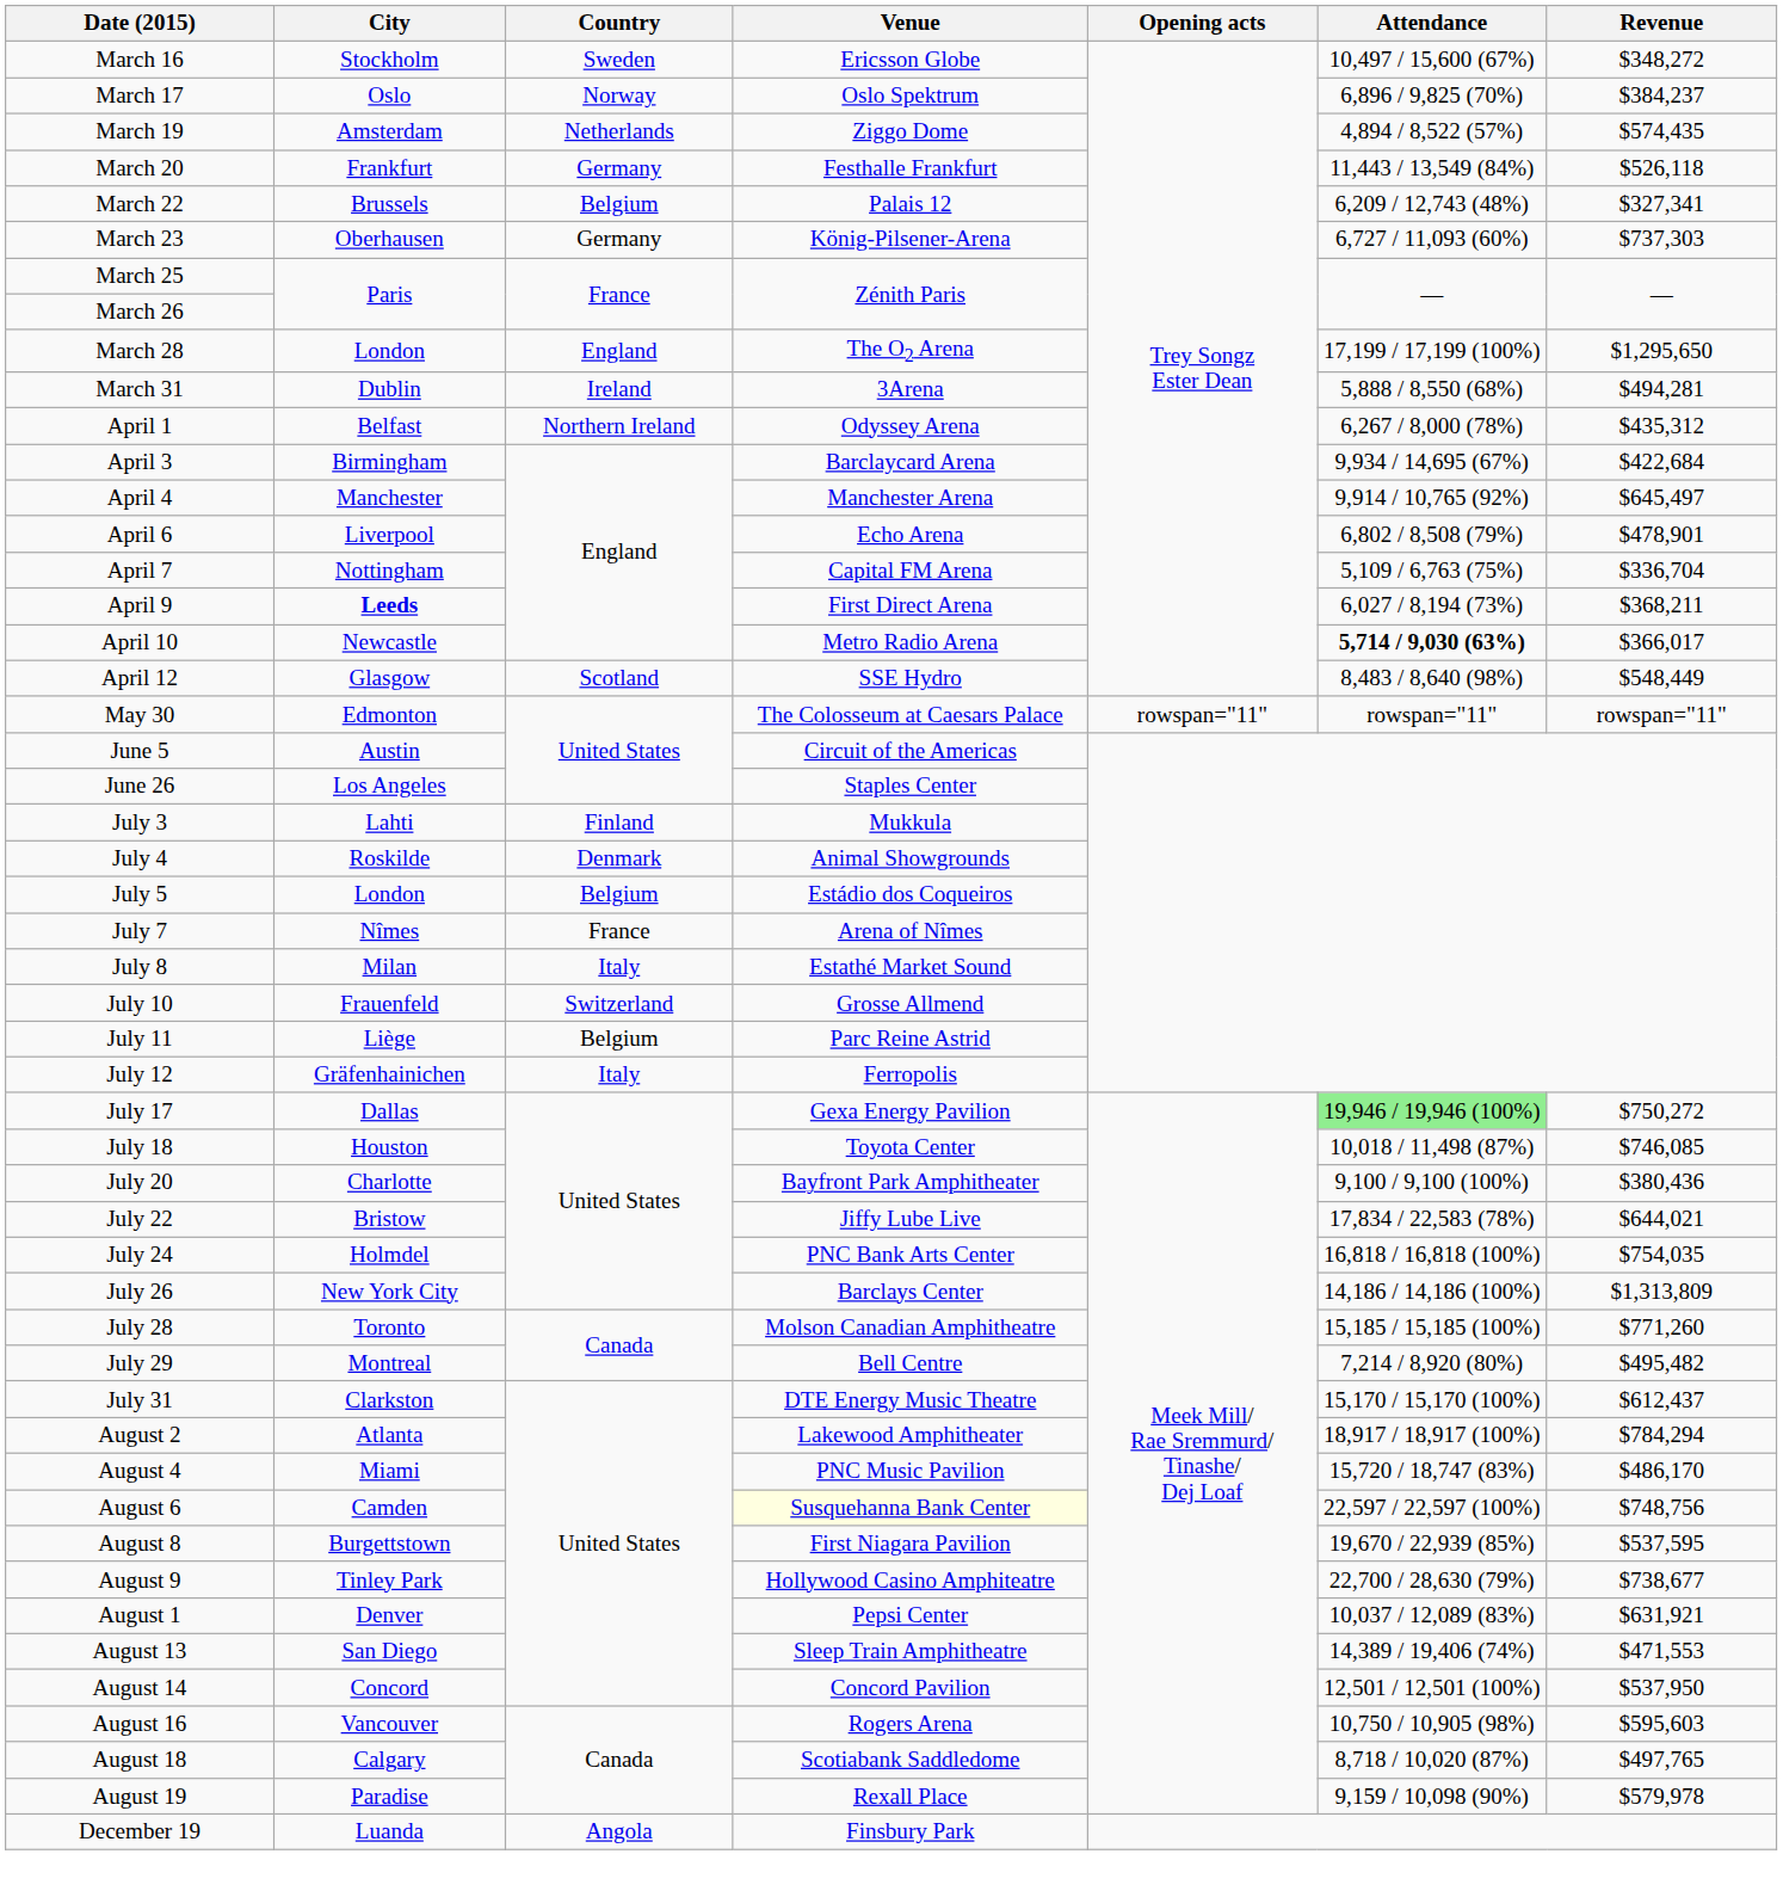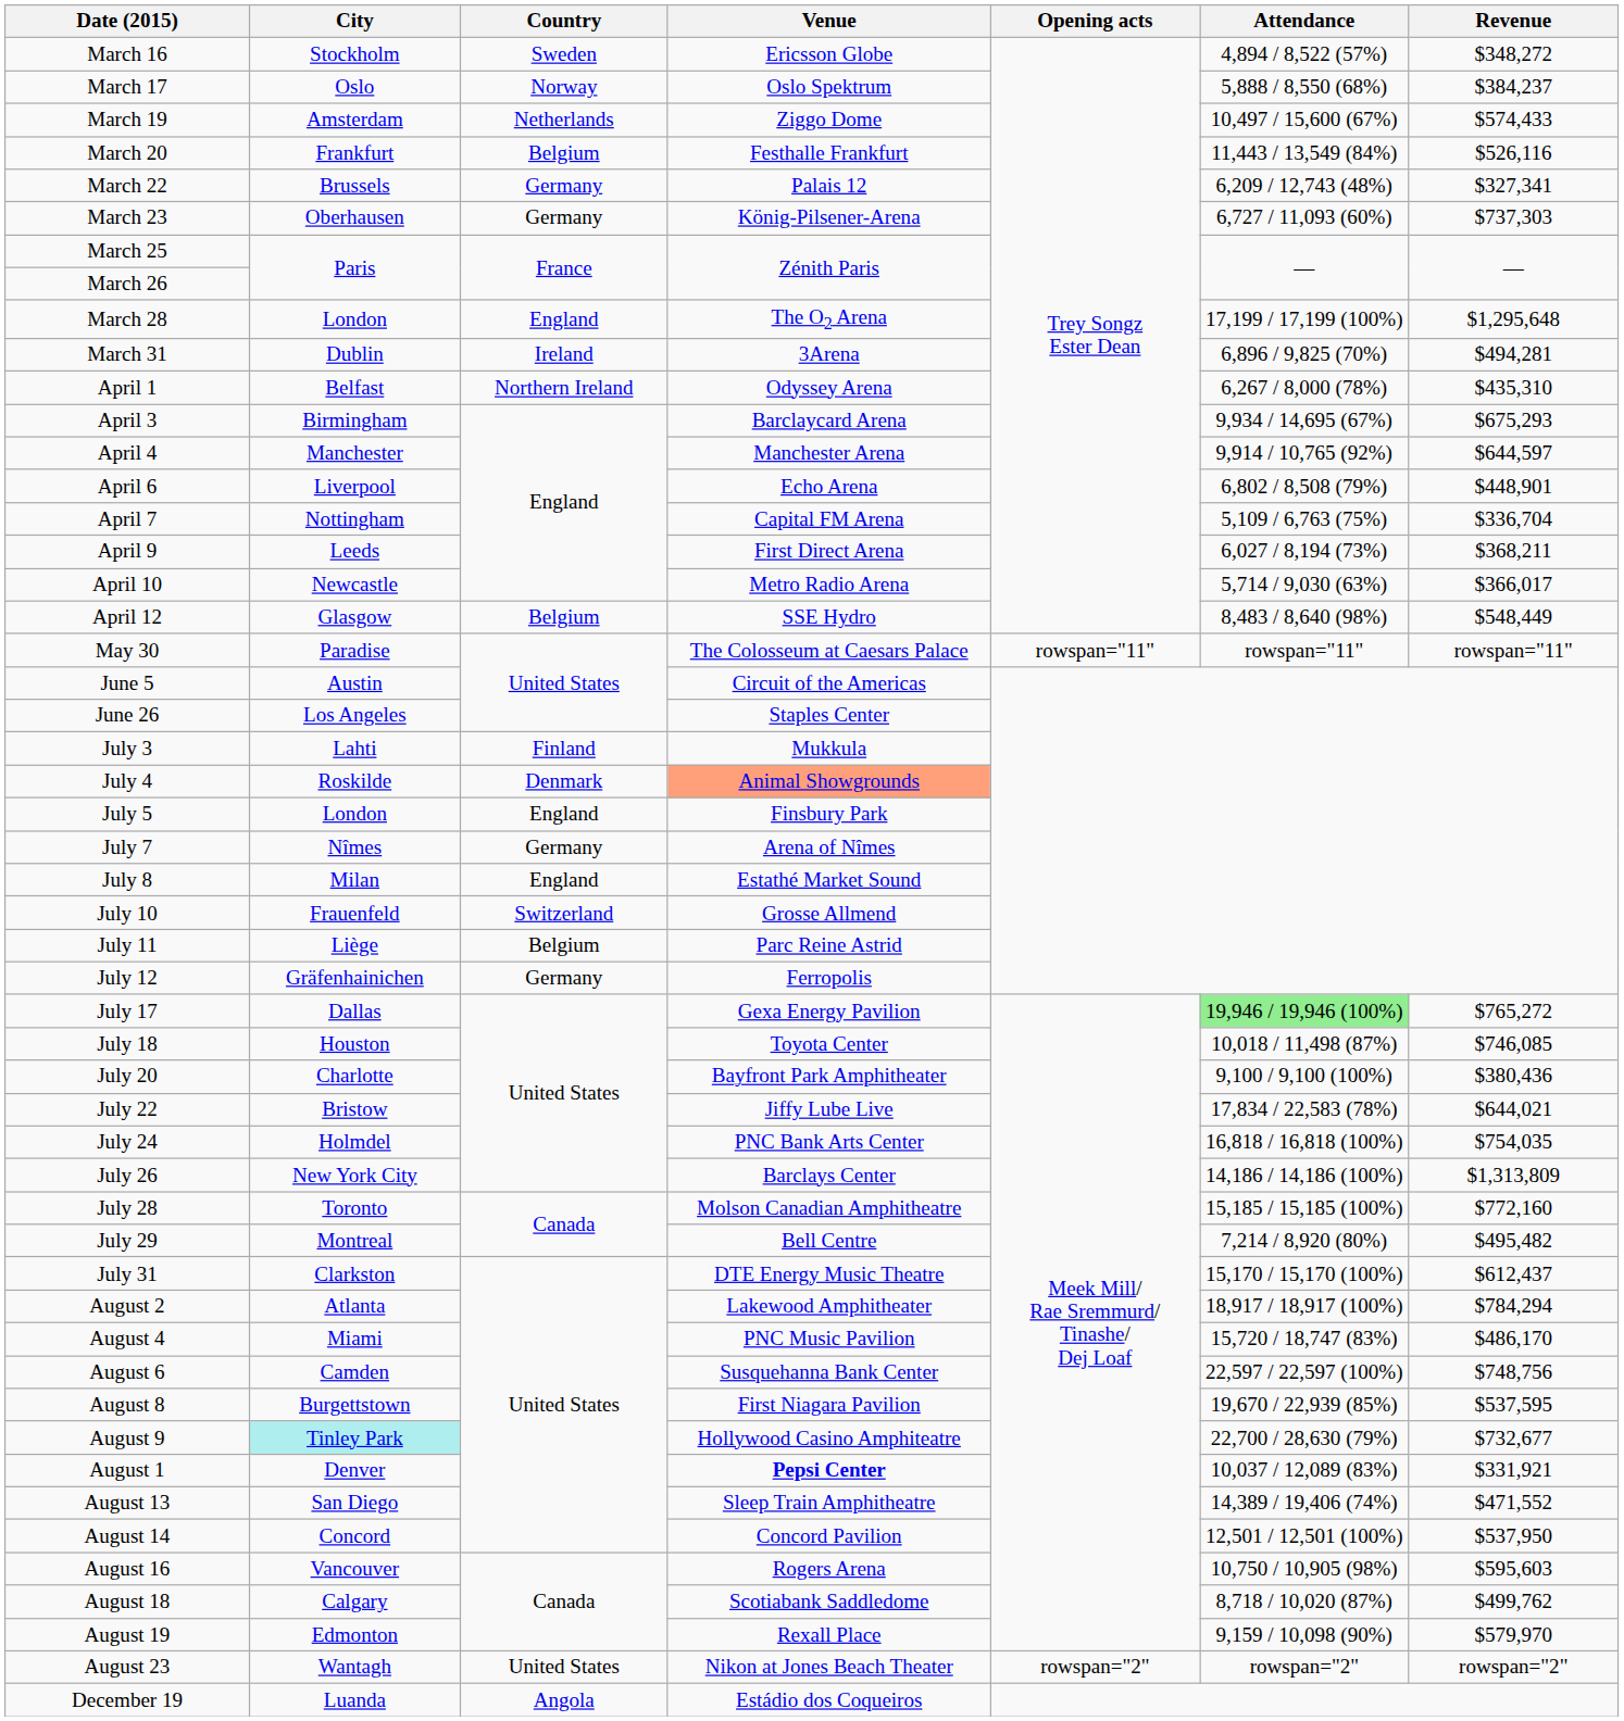 <table class="wikitable wplainrowheaders" style="text-align:center;">
 <tr>
 <th scope="col" style="width:12em;">Date (2015)</th>
 <th scope="col" style="width:10em;">City</th>
 <th scope="col" style="width:10em;">Country</th>
 <th scope="col" style="width:16em;">Venue</th>
 <th scope="col" style="width:10em;">Opening acts</th>
 <th scope="col" style="width:10em;">Attendance</th>
 <th scope="col" style="width:10em;">Revenue</th>
 </tr>
 <tr>
 <td>March 16</td>
 <td><a href='#'>Stockholm</a></td>
 <td><a href='#'>Sweden</a></td>
 <td><a href='#'>Ericsson Globe</a></td>
 <td rowspan="18"><a href='#'>Trey Songz</a><br><a href='#'>Ester Dean</a></td>
-<td>10,497 / 15,600 (67%)</td>
+<td>4,894 / 8,522 (57%)</td>
 <td>$348,272</td>
 </tr>
 <tr>
 <td>March 17</td>
 <td><a href='#'>Oslo</a></td>
 <td><a href='#'>Norway</a></td>
 <td><a href='#'>Oslo Spektrum</a></td>
-<td>6,896 / 9,825 (70%)</td>
+<td>5,888 / 8,550 (68%)</td>
 <td>$384,237</td>
 </tr>
 <tr>
 <td>March 19</td>
 <td><a href='#'>Amsterdam</a></td>
 <td><a href='#'>Netherlands</a></td>
 <td><a href='#'>Ziggo Dome</a></td>
-<td>4,894 / 8,522 (57%)</td>
-<td>$574,435</td>
+<td>10,497 / 15,600 (67%)</td>
+<td>$574,433</td>
 </tr>
 <tr>
 <td>March 20</td>
 <td><a href='#'>Frankfurt</a></td>
-<td><a href='#'>Germany</a></td>
+<td><a href='#'>Belgium</a></td>
 <td><a href='#'>Festhalle Frankfurt</a></td>
 <td>11,443 / 13,549 (84%)</td>
-<td>$526,118</td>
+<td>$526,116</td>
 </tr>
 <tr>
 <td>March 22</td>
 <td><a href='#'>Brussels</a></td>
-<td><a href='#'>Belgium</a></td>
+<td><a href='#'>Germany</a></td>
 <td><a href='#'>Palais 12</a></td>
 <td>6,209 / 12,743 (48%)</td>
 <td>$327,341</td>
 </tr>
 <tr>
 <td>March 23</td>
 <td><a href='#'>Oberhausen</a></td>
 <td>Germany</td>
 <td><a href='#'>König-Pilsener-Arena</a></td>
 <td>6,727 / 11,093 (60%)</td>
 <td>$737,303</td>
 </tr>
 <tr>
 <td>March 25</td>
 <td rowspan="2"><a href='#'>Paris</a></td>
 <td rowspan="2"><a href='#'>France</a></td>
 <td rowspan="2"><a href='#'>Zénith Paris</a></td>
 <td rowspan="2">—</td>
 <td rowspan="2">—</td>
 </tr>
 <tr>
 <td>March 26</td>
 </tr>
 <tr>
 <td>March 28</td>
 <td><a href='#'>London</a></td>
 <td><a href='#'>England</a></td>
 <td><a href='#'>The O<sub>2</sub> Arena</a></td>
 <td>17,199 / 17,199 (100%)</td>
-<td>$1,295,650</td>
+<td>$1,295,648</td>
 </tr>
 <tr>
 <td>March 31</td>
 <td><a href='#'>Dublin</a></td>
 <td rowspan="1"><a href='#'>Ireland</a></td>
 <td><a href='#'>3Arena</a></td>
-<td>5,888 / 8,550 (68%)</td>
+<td>6,896 / 9,825 (70%)</td>
 <td>$494,281</td>
 </tr>
 <tr>
 <td>April 1</td>
 <td><a href='#'>Belfast</a></td>
 <td rowspan="“1”"><a href='#'>Northern Ireland</a></td>
 <td><a href='#'>Odyssey Arena</a></td>
 <td>6,267 / 8,000 (78%)</td>
-<td>$435,312</td>
+<td>$435,310</td>
 </tr>
 <tr>
 <td>April 3</td>
 <td><a href='#'>Birmingham</a></td>
 <td rowspan="6">England</td>
 <td><a href='#'>Barclaycard Arena</a></td>
 <td>9,934 / 14,695 (67%)</td>
-<td>$422,684</td>
+<td>$675,293</td>
 </tr>
 <tr>
 <td>April 4</td>
 <td><a href='#'>Manchester</a></td>
 <td><a href='#'>Manchester Arena</a></td>
 <td>9,914 / 10,765 (92%)</td>
-<td>$645,497</td>
+<td>$644,597</td>
 </tr>
 <tr>
 <td>April 6</td>
 <td><a href='#'>Liverpool</a></td>
 <td><a href='#'>Echo Arena</a></td>
 <td>6,802 / 8,508 (79%)</td>
-<td>$478,901</td>
+<td>$448,901</td>
 </tr>
 <tr>
 <td>April 7</td>
 <td><a href='#'>Nottingham</a></td>
 <td><a href='#'>Capital FM Arena</a></td>
 <td>5,109 / 6,763 (75%)</td>
 <td>$336,704</td>
 </tr>
 <tr>
 <td>April 9</td>
-<td><strong><a href='#'>Leeds</a></strong></td>
+<td><a href='#'>Leeds</a></td>
 <td><a href='#'>First Direct Arena</a></td>
 <td>6,027 / 8,194 (73%)</td>
 <td>$368,211</td>
 </tr>
 <tr>
 <td>April 10</td>
 <td><a href='#'>Newcastle</a></td>
 <td><a href='#'>Metro Radio Arena</a></td>
-<td><strong>5,714 / 9,030 (63%)</strong></td>
+<td>5,714 / 9,030 (63%)</td>
 <td>$366,017</td>
 </tr>
 <tr>
 <td>April 12</td>
 <td><a href='#'>Glasgow</a></td>
-<td><a href='#'>Scotland</a></td>
+<td><a href='#'>Belgium</a></td>
 <td><a href='#'>SSE Hydro</a></td>
 <td>8,483 / 8,640 (98%)</td>
 <td>$548,449</td>
 </tr>
 <tr>
 <td>May 30</td>
-<td><a href='#'>Edmonton</a></td>
+<td><a href='#'>Paradise</a></td>
 <td rowspan="3"><a href='#'>United States</a></td>
 <td><a href='#'>The Colosseum at Caesars Palace</a></td>
 <td>rowspan="11" </td>
 <td>rowspan="11" </td>
 <td>rowspan="11" </td>
 </tr>
 <tr>
 <td>June 5</td>
 <td><a href='#'>Austin</a></td>
 <td><a href='#'>Circuit of the Americas</a></td>
 </tr>
 <tr>
 <td>June 26</td>
 <td><a href='#'>Los Angeles</a></td>
 <td><a href='#'>Staples Center</a></td>
 </tr>
 <tr>
 <td>July 3</td>
 <td><a href='#'>Lahti</a></td>
 <td><a href='#'>Finland</a></td>
 <td><a href='#'>Mukkula</a></td>
 </tr>
 <tr>
 <td>July 4</td>
 <td><a href='#'>Roskilde</a></td>
 <td><a href='#'>Denmark</a></td>
-<td><a href='#'>Animal Showgrounds</a></td>
+<td style="background: lightsalmon;"><a href='#'>Animal Showgrounds</a></td>
 </tr>
 <tr>
 <td>July 5</td>
 <td><a href='#'>London</a></td>
-<td><a href='#'>Belgium</a></td>
-<td><a href='#'>Estádio dos Coqueiros</a></td>
+<td>England</td>
+<td><a href='#'>Finsbury Park</a></td>
 </tr>
 <tr>
 <td>July 7</td>
 <td><a href='#'>Nîmes</a></td>
-<td>France</td>
+<td>Germany</td>
 <td><a href='#'>Arena of Nîmes</a></td>
 </tr>
 <tr>
 <td>July 8</td>
 <td><a href='#'>Milan</a></td>
-<td><a href='#'>Italy</a></td>
+<td>England</td>
 <td><a href='#'>Estathé Market Sound</a></td>
 </tr>
 <tr>
 <td>July 10</td>
 <td><a href='#'>Frauenfeld</a></td>
 <td><a href='#'>Switzerland</a></td>
 <td><a href='#'>Grosse Allmend</a></td>
 </tr>
 <tr>
 <td>July 11</td>
 <td><a href='#'>Liège</a></td>
 <td>Belgium</td>
 <td><a href='#'>Parc Reine Astrid</a></td>
 </tr>
 <tr>
 <td>July 12</td>
 <td><a href='#'>Gräfenhainichen</a></td>
-<td><a href='#'>Italy</a></td>
+<td>Germany</td>
 <td><a href='#'>Ferropolis</a></td>
 </tr>
 <tr>
 <td>July 17</td>
 <td><a href='#'>Dallas</a></td>
 <td rowspan="6">United States</td>
 <td><a href='#'>Gexa Energy Pavilion</a></td>
 <td rowspan="20"><a href='#'>Meek Mill</a>/<br><a href='#'>Rae Sremmurd</a>/<br><a href='#'>Tinashe</a>/<br><a href='#'>Dej Loaf</a></td>
 <td style="background: lightgreen;">19,946 / 19,946 (100%)</td>
-<td>$750,272</td>
+<td>$765,272</td>
 </tr>
 <tr>
 <td>July 18</td>
 <td><a href='#'>Houston</a></td>
 <td><a href='#'>Toyota Center</a></td>
 <td>10,018 / 11,498 (87%)</td>
 <td>$746,085</td>
 </tr>
 <tr>
 <td>July 20</td>
 <td><a href='#'>Charlotte</a></td>
 <td><a href='#'>Bayfront Park Amphitheater</a></td>
 <td>9,100 / 9,100 (100%)</td>
 <td>$380,436</td>
 </tr>
 <tr>
 <td>July 22</td>
 <td><a href='#'>Bristow</a></td>
 <td><a href='#'>Jiffy Lube Live</a></td>
 <td>17,834 / 22,583 (78%)</td>
 <td>$644,021</td>
 </tr>
 <tr>
 <td>July 24</td>
 <td><a href='#'>Holmdel</a></td>
 <td><a href='#'>PNC Bank Arts Center</a></td>
 <td>16,818 / 16,818 (100%)</td>
 <td>$754,035</td>
 </tr>
 <tr>
 <td>July 26</td>
 <td><a href='#'>New York City</a></td>
 <td><a href='#'>Barclays Center</a></td>
 <td>14,186 / 14,186 (100%)</td>
 <td>$1,313,809</td>
 </tr>
 <tr>
 <td>July 28</td>
 <td><a href='#'>Toronto</a></td>
 <td rowspan="2"><a href='#'>Canada</a></td>
 <td><a href='#'>Molson Canadian Amphitheatre</a></td>
 <td>15,185 / 15,185 (100%)</td>
-<td>$771,260</td>
+<td>$772,160</td>
 </tr>
 <tr>
 <td>July 29</td>
 <td><a href='#'>Montreal</a></td>
 <td><a href='#'>Bell Centre</a></td>
 <td>7,214 / 8,920 (80%)</td>
 <td>$495,482</td>
 </tr>
 <tr>
 <td>July 31</td>
 <td><a href='#'>Clarkston</a></td>
 <td rowspan="9">United States</td>
 <td><a href='#'>DTE Energy Music Theatre</a></td>
 <td>15,170 / 15,170 (100%)</td>
 <td>$612,437</td>
 </tr>
 <tr>
 <td>August 2</td>
 <td><a href='#'>Atlanta</a></td>
 <td><a href='#'>Lakewood Amphitheater</a></td>
 <td>18,917 / 18,917 (100%)</td>
 <td>$784,294</td>
 </tr>
 <tr>
 <td>August 4</td>
 <td><a href='#'>Miami</a></td>
 <td><a href='#'>PNC Music Pavilion</a></td>
 <td>15,720 / 18,747 (83%)</td>
 <td>$486,170</td>
 </tr>
 <tr>
 <td>August 6</td>
 <td><a href='#'>Camden</a></td>
-<td style="background: lightyellow;"><a href='#'>Susquehanna Bank Center</a></td>
+<td><a href='#'>Susquehanna Bank Center</a></td>
 <td>22,597 / 22,597 (100%)</td>
 <td>$748,756</td>
 </tr>
 <tr>
 <td>August 8</td>
 <td><a href='#'>Burgettstown</a></td>
 <td><a href='#'>First Niagara Pavilion</a></td>
 <td>19,670 / 22,939 (85%)</td>
 <td>$537,595</td>
 </tr>
 <tr>
 <td>August 9</td>
-<td><a href='#'>Tinley Park</a></td>
+<td style="background: paleturquoise;"><a href='#'>Tinley Park</a></td>
 <td><a href='#'>Hollywood Casino Amphiteatre</a></td>
 <td>22,700 / 28,630 (79%)</td>
-<td>$738,677</td>
+<td>$732,677</td>
 </tr>
 <tr>
 <td>August 1</td>
 <td><a href='#'>Denver</a></td>
-<td><a href='#'>Pepsi Center</a></td>
+<td><strong><a href='#'>Pepsi Center</a></strong></td>
 <td>10,037 / 12,089 (83%)</td>
-<td>$631,921</td>
+<td>$331,921</td>
 </tr>
 <tr>
 <td>August 13</td>
 <td><a href='#'>San Diego</a></td>
 <td><a href='#'>Sleep Train Amphitheatre</a></td>
 <td>14,389 / 19,406 (74%)</td>
-<td>$471,553</td>
+<td>$471,552</td>
 </tr>
 <tr>
 <td>August 14</td>
 <td><a href='#'>Concord</a></td>
 <td><a href='#'>Concord Pavilion</a></td>
 <td>12,501 / 12,501 (100%)</td>
 <td>$537,950</td>
 </tr>
 <tr>
 <td>August 16</td>
 <td><a href='#'>Vancouver</a></td>
 <td rowspan="3">Canada</td>
 <td><a href='#'>Rogers Arena</a></td>
 <td>10,750 / 10,905 (98%)</td>
 <td>$595,603</td>
 </tr>
 <tr>
 <td>August 18</td>
 <td><a href='#'>Calgary</a></td>
 <td><a href='#'>Scotiabank Saddledome</a></td>
 <td>8,718 / 10,020 (87%)</td>
-<td>$497,765</td>
+<td>$499,762</td>
 </tr>
 <tr>
 <td>August 19</td>
-<td><a href='#'>Paradise</a></td>
+<td><a href='#'>Edmonton</a></td>
 <td><a href='#'>Rexall Place</a></td>
 <td>9,159 / 10,098 (90%)</td>
-<td>$579,978</td>
+<td>$579,970</td>
+</tr>
+<tr>
+<td>August 23</td>
+<td><a href='#'>Wantagh</a></td>
+<td>United States</td>
+<td><a href='#'>Nikon at Jones Beach Theater</a></td>
+<td>rowspan="2" </td>
+<td>rowspan="2" </td>
+<td>rowspan="2" </td>
 </tr>
 <tr>
 <td>December 19</td>
 <td><a href='#'>Luanda</a></td>
 <td><a href='#'>Angola</a></td>
-<td><a href='#'>Finsbury Park</a></td>
+<td><a href='#'>Estádio dos Coqueiros</a></td>
 </tr>
 </table>
